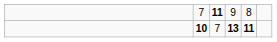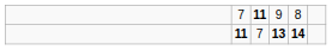 <table class="wikitable">
 <tr>
 <td style="width:18em"></td>
 <td align=center style="width:1em">7</td>
 <td align=center style="width:1em"><strong>11</strong></td>
 <td align=center style="width:1em">9</td>
 <td align=center style="width:1em">8</td>
 <td align=center style="width:1em"></td>
 </tr>
 <tr>
 <td style="width:18em"><strong></strong></td>
-<td align=center style="width:1em"><strong>10</strong></td>
+<td align=center style="width:1em"><strong>11</strong></td>
 <td align=center style="width:1em">7</td>
 <td align=center style="width:1em"><strong>13</strong></td>
-<td align=center style="width:1em"><strong>11</strong></td>
+<td align=center style="width:1em"><strong>14</strong></td>
 <td align=center style="width:1em"></td>
 </tr>
 </table>
